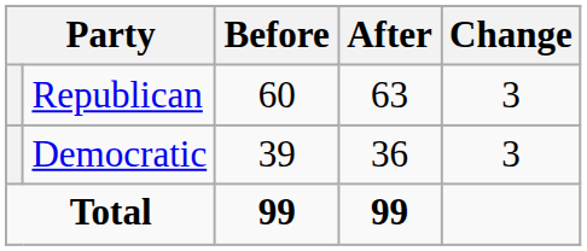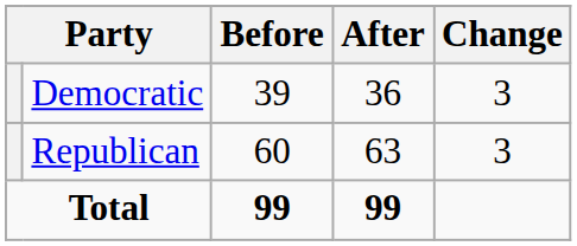 <table class="wikitable" style="text-align:center;">
 <tr>
 </tr>
 <tr>
 <th colspan=2>Party</th>
 <th>Before</th>
 <th>After</th>
 <th>Change</th>
 </tr>
 <tr>
 <th style="background-color:"></th>
-<td style="text-align:left;"><a href='#'>Republican</a></td>
-<td>60</td>
-<td>63</td>
+<td style="text-align:left;"><a href='#'>Democratic</a></td>
+<td>39</td>
+<td>36</td>
 <td> 3</td>
 </tr>
 <tr>
 <th style="background-color:"></th>
-<td style="text-align:left;"><a href='#'>Democratic</a></td>
-<td>39</td>
-<td>36</td>
+<td style="text-align:left;"><a href='#'>Republican</a></td>
+<td>60</td>
+<td>63</td>
 <td> 3</td>
 </tr>
 <tr>
 <td colspan=2><strong>Total</strong></td>
 <td><strong>99</strong></td>
 <td><strong>99</strong></td>
 <td></td>
 </tr>
 </table>
